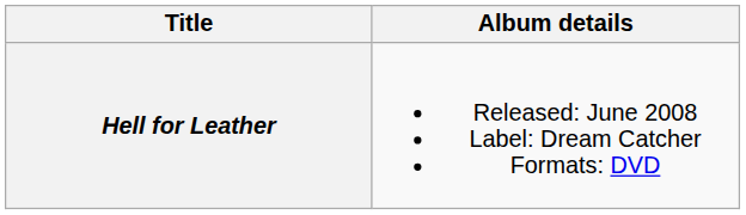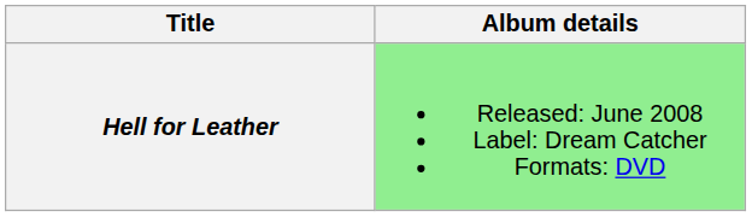 <table class="wikitable plainrowheaders" style="text-align:center;">
 <tr>
 <th scope="col" style="width:15em;">Title</th>
 <th scope="col" style="width:15em;">Album details</th>
 </tr>
 <tr>
 <th scope="row"><em>Hell for Leather</em></th>
-<td><br><ul><li>Released: June 2008</li><li>Label: Dream Catcher</li><li>Formats: <a href='#'>DVD</a></li></ul></td>
+<td style="background: lightgreen;"><br><ul><li>Released: June 2008</li><li>Label: Dream Catcher</li><li>Formats: <a href='#'>DVD</a></li></ul></td>
 </tr>
 </table>
